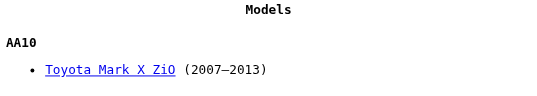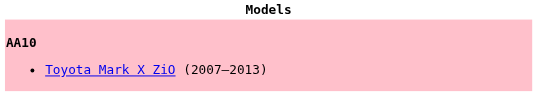 <table>
 <tr>
 <th style="width:50%">Models</th>
 </tr>
 <tr>
-<td style="width:50%"><br><strong>AA10</strong><ul><li><a href='#'>Toyota Mark X ZiO</a> (2007–2013)</li></ul></td>
+<td style="background: pink; width:50%"><br><strong>AA10</strong><ul><li><a href='#'>Toyota Mark X ZiO</a> (2007–2013)</li></ul></td>
 </tr>
 </table>
